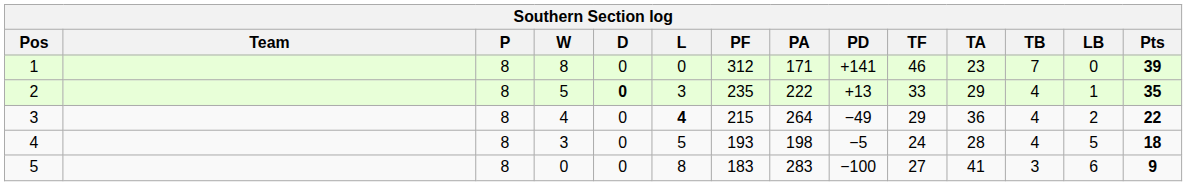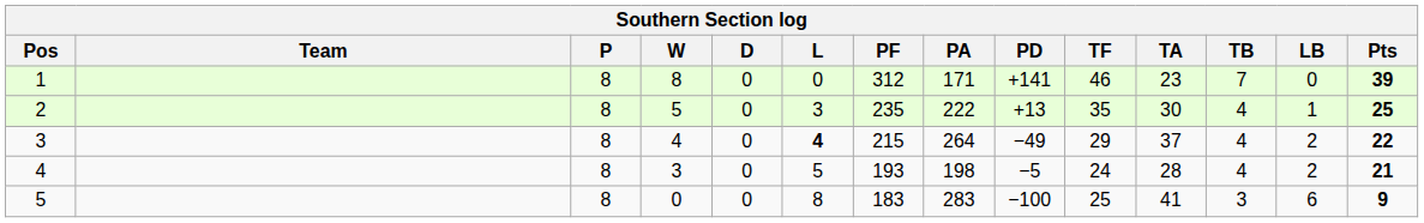 <table class="wikitable" style="text-align:center; font-size:100%; width:60%;">
 <tr>
 <th colspan="100%" cellpadding="0" cellspacing="0"><strong>Southern Section log</strong></th>
 </tr>
 <tr>
 <th style="width:5%;">Pos</th>
 <th style="width:35%;">Team</th>
 <th style="width:5%;">P</th>
 <th style="width:5%;">W</th>
 <th style="width:5%;">D</th>
 <th style="width:5%;">L</th>
 <th style="width:5%;">PF</th>
 <th style="width:5%;">PA</th>
 <th style="width:5%;">PD</th>
 <th style="width:5%;">TF</th>
 <th style="width:5%;">TA</th>
 <th style="width:5%;">TB</th>
 <th style="width:5%;">LB</th>
 <th style="width:5%;">Pts<br></th>
 </tr>
 <tr style="background:#E8FFD8;">
 <td>1</td>
 <td align=left></td>
 <td>8</td>
 <td>8</td>
 <td>0</td>
 <td>0</td>
 <td>312</td>
 <td>171</td>
 <td>+141</td>
 <td>46</td>
 <td>23</td>
 <td>7</td>
 <td>0</td>
 <td><strong>39</strong></td>
 </tr>
 <tr style="background:#E8FFD8;">
 <td>2</td>
 <td align=left></td>
 <td>8</td>
 <td>5</td>
-<td><strong>0</strong></td>
+<td>0</td>
 <td>3</td>
 <td>235</td>
 <td>222</td>
 <td>+13</td>
-<td>33</td>
-<td>29</td>
+<td>35</td>
+<td>30</td>
 <td>4</td>
 <td>1</td>
-<td><strong>35</strong></td>
+<td><strong>25</strong></td>
 </tr>
 <tr>
 <td>3</td>
 <td align=left></td>
 <td>8</td>
 <td>4</td>
 <td>0</td>
 <td><strong>4</strong></td>
 <td>215</td>
 <td>264</td>
 <td>−49</td>
 <td>29</td>
-<td>36</td>
+<td>37</td>
 <td>4</td>
 <td>2</td>
 <td><strong>22</strong></td>
 </tr>
 <tr>
 <td>4</td>
 <td align=left></td>
 <td>8</td>
 <td>3</td>
 <td>0</td>
 <td>5</td>
 <td>193</td>
 <td>198</td>
 <td>−5</td>
 <td>24</td>
 <td>28</td>
 <td>4</td>
-<td>5</td>
-<td><strong>18</strong></td>
+<td>2</td>
+<td><strong>21</strong></td>
 </tr>
 <tr>
 <td>5</td>
 <td align=left></td>
 <td>8</td>
 <td>0</td>
 <td>0</td>
 <td>8</td>
 <td>183</td>
 <td>283</td>
 <td>−100</td>
-<td>27</td>
+<td>25</td>
 <td>41</td>
 <td>3</td>
 <td>6</td>
 <td><strong>9</strong></td>
 </tr>
 </table>
